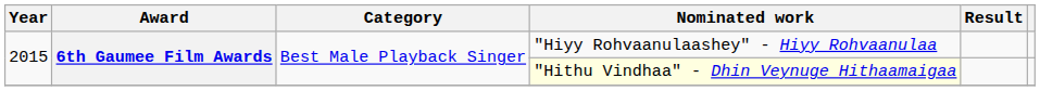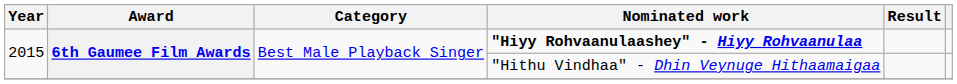 <table class="wikitable plainrowheaders sortable">
 <tr>
 <th scope="col">Year</th>
 <th scope="col">Award</th>
 <th scope="col">Category</th>
 <th scope="col">Nominated work</th>
 <th scope="col">Result</th>
 <th scope="col" class="unsortable"></th>
 </tr>
 <tr>
 <td rowspan="2">2015</td>
 <th scope="row" rowspan="2"><a href='#'>6th Gaumee Film Awards</a></th>
 <td rowspan="2"><a href='#'>Best Male Playback Singer</a></td>
-<td>"Hiyy Rohvaanulaashey" - <em><a href='#'>Hiyy Rohvaanulaa</a></em></td>
+<td><strong>"Hiyy Rohvaanulaashey" - <em><a href='#'>Hiyy Rohvaanulaa</a></em></strong></td>
 <td></td>
 <td style="text-align:center;"></td>
 </tr>
 <tr>
-<td style="background: lightyellow;">"Hithu Vindhaa" - <em><a href='#'>Dhin Veynuge Hithaamaigaa</a></em></td>
+<td>"Hithu Vindhaa" - <em><a href='#'>Dhin Veynuge Hithaamaigaa</a></em></td>
 <td></td>
 <td style="text-align:center;"></td>
 </tr>
 <tr>
 </tr>
 </table>
